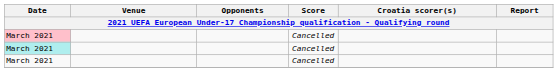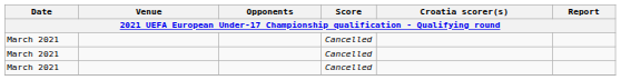 <table class="wikitable" style="font-size:95%;">
 <tr>
 <th width=125>Date</th>
 <th width=260>Venue</th>
 <th width=170>Opponents</th>
 <th width= 75>Score</th>
 <th width=320>Croatia scorer(s)</th>
 <th width=100>Report</th>
 </tr>
 <tr>
 <th colspan=7><a href='#'>2021 UEFA European Under-17 Championship qualification - Qualifying round</a></th>
 </tr>
 <tr>
-<td style="background: pink;">March 2021</td>
+<td>March 2021</td>
 <td></td>
 <td></td>
 <td align=center><em>Cancelled</em></td>
 <td></td>
 <td></td>
 </tr>
 <tr>
-<td style="background: paleturquoise;">March 2021</td>
+<td>March 2021</td>
 <td></td>
 <td></td>
 <td align=center><em>Cancelled</em></td>
 <td></td>
 <td></td>
 </tr>
 <tr>
 <td>March 2021</td>
 <td></td>
 <td></td>
 <td align=center><em>Cancelled</em></td>
 <td></td>
 <td></td>
 </tr>
 <tr>
 </tr>
 </table>
